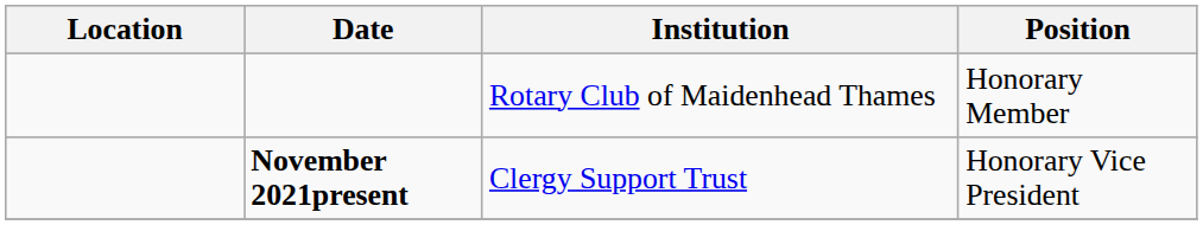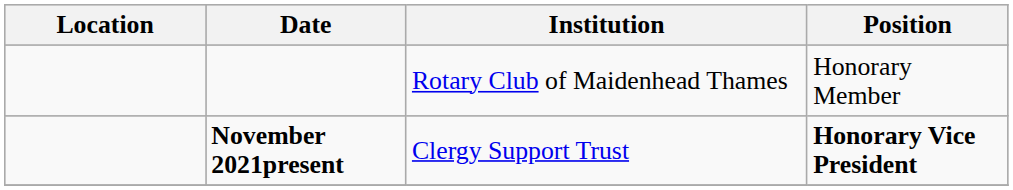 <table class="wikitable" style="width:100%;">
 <tr>
 <th style="width:20%;">Location</th>
 <th style="width:20%;">Date</th>
 <th style="width:40%;">Institution</th>
 <th style="width:20%;">Position</th>
 </tr>
 <tr>
 <td></td>
 <td></td>
 <td><a href='#'>Rotary Club</a> of Maidenhead Thames</td>
 <td>Honorary Member</td>
 </tr>
 <tr>
 <td></td>
 <td><strong>November 2021present</strong></td>
 <td><a href='#'>Clergy Support Trust</a></td>
-<td>Honorary Vice President</td>
+<td><strong>Honorary Vice President</strong></td>
 </tr>
 <tr>
 </tr>
 </table>
